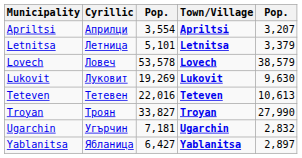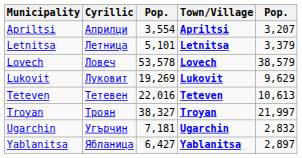 <table class="wikitable sortable">
 <tr>
 <th>Municipality</th>
 <th>Cyrillic</th>
 <th>Pop.</th>
 <th>Town/Village</th>
 <th>Pop.</th>
 </tr>
 <tr>
 <td><a href='#'>Apriltsi</a></td>
 <td><a href='#'>Априлци</a></td>
 <td align="right">3,554</td>
 <td><strong><a href='#'>Apriltsi</a></strong></td>
 <td align="right">3,207</td>
 </tr>
 <tr>
 <td><a href='#'>Letnitsa</a></td>
 <td><a href='#'>Летница</a></td>
 <td align="right">5,101</td>
 <td><strong><a href='#'>Letnitsa</a></strong></td>
 <td align="right">3,379</td>
 </tr>
 <tr>
 <td><a href='#'>Lovech</a></td>
 <td><a href='#'>Ловеч</a></td>
 <td align="right">53,578</td>
 <td><strong><a href='#'>Lovech</a></strong></td>
 <td align="right">38,579</td>
 </tr>
 <tr>
 <td><a href='#'>Lukovit</a></td>
 <td><a href='#'>Луковит</a></td>
 <td align="right">19,269</td>
 <td><strong><a href='#'>Lukovit</a></strong></td>
-<td align="right">9,630</td>
+<td align="right">9,629</td>
 </tr>
 <tr>
 <td><a href='#'>Teteven</a></td>
 <td><a href='#'>Тетевен</a></td>
 <td align="right">22,016</td>
 <td><strong><a href='#'>Teteven</a></strong></td>
 <td align="right">10,613</td>
 </tr>
 <tr>
 <td><a href='#'>Troyan</a></td>
 <td><a href='#'>Троян</a></td>
-<td align="right">33,827</td>
+<td align="right">38,327</td>
 <td><strong><a href='#'>Troyan</a></strong></td>
-<td align="right">27,990</td>
+<td align="right">21,997</td>
 </tr>
 <tr>
 <td><a href='#'>Ugarchin</a></td>
 <td><a href='#'>Угърчин</a></td>
 <td align="right">7,181</td>
 <td><strong><a href='#'>Ugarchin</a></strong></td>
 <td align="right">2,832</td>
 </tr>
 <tr>
 <td><a href='#'>Yablanitsa</a></td>
 <td><a href='#'>Ябланица</a></td>
 <td align="right">6,427</td>
 <td><strong><a href='#'>Yablanitsa</a></strong></td>
 <td align="right">2,897</td>
 </tr>
 </table>
